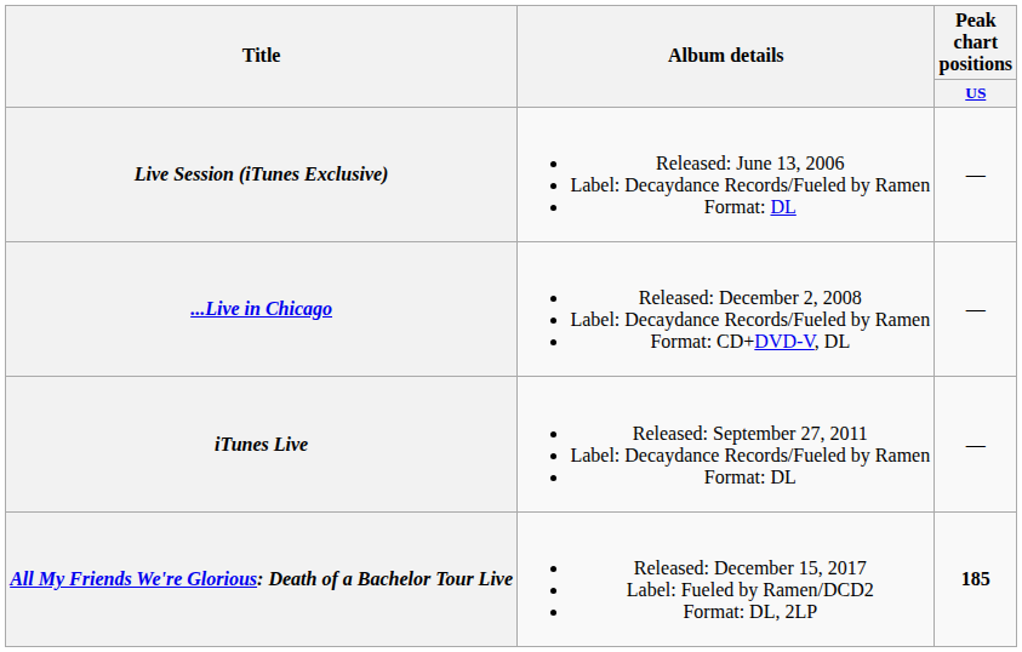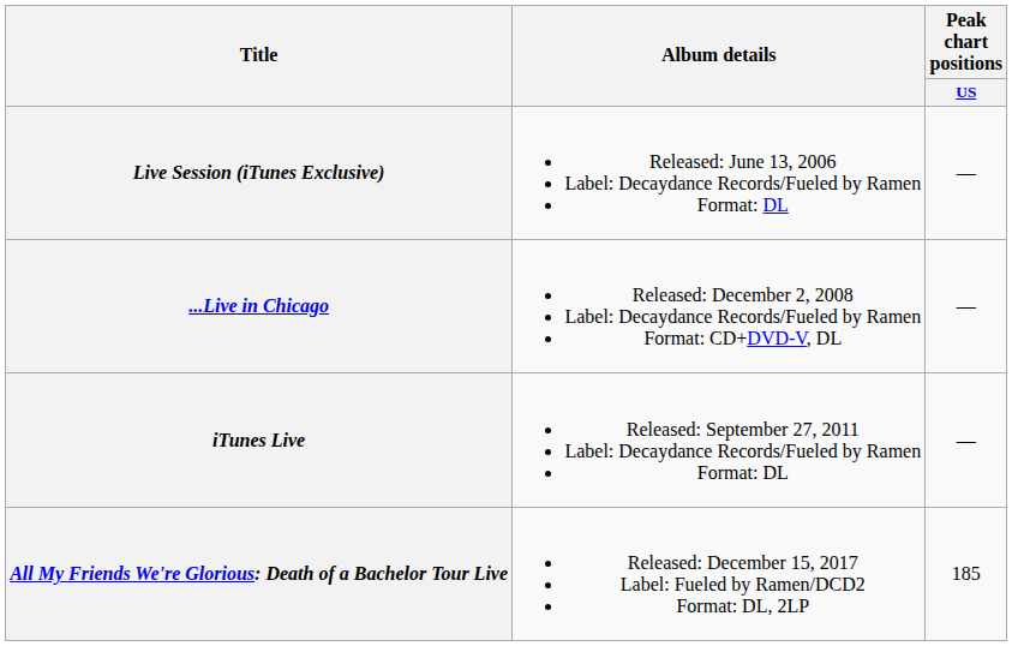 <table class="wikitable plainrowheaders" style="text-align:center;">
 <tr>
 <th scope="col" rowspan="2">Title</th>
 <th scope="col" rowspan="2">Album details</th>
 <th scope="col" colspan="1">Peak chart positions</th>
 </tr>
 <tr style="font-size:smaller;">
 <th scope="col" width="35"><a href='#'>US</a><br></th>
 </tr>
 <tr>
 <th scope="row"><em>Live Session (iTunes Exclusive)</em></th>
 <td><br><ul><li>Released: June 13, 2006</li><li>Label: Decaydance Records/Fueled by Ramen</li><li>Format: <a href='#'>DL</a></li></ul></td>
 <td>—</td>
 </tr>
 <tr>
 <th scope="row"><em><a href='#'>...Live in Chicago</a></em></th>
 <td><br><ul><li>Released: December 2, 2008</li><li>Label: Decaydance Records/Fueled by Ramen</li><li>Format: CD+<a href='#'>DVD-V</a>, DL</li></ul></td>
 <td>—</td>
 </tr>
 <tr>
 <th scope="row"><em>iTunes Live</em></th>
 <td><br><ul><li>Released: September 27, 2011</li><li>Label: Decaydance Records/Fueled by Ramen</li><li>Format: DL</li></ul></td>
 <td>—</td>
 </tr>
 <tr>
 <th scope="row"><em><a href='#'>All My Friends We're Glorious</a>: Death of a Bachelor Tour Live</em></th>
 <td><br><ul><li>Released: December 15, 2017</li><li>Label: Fueled by Ramen/DCD2</li><li>Format: DL, 2LP</li></ul></td>
-<td><strong>185</strong></td>
+<td>185</td>
 </tr>
 </table>
